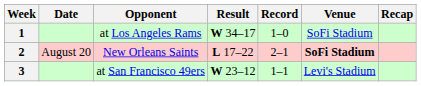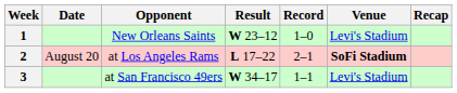 <table class="wikitable" style="text-align:center">
 <tr>
 <th>Week</th>
 <th>Date</th>
 <th>Opponent</th>
 <th>Result</th>
 <th>Record</th>
 <th>Venue</th>
 <th>Recap</th>
 </tr>
 <tr style="background:#cfc">
 <th>1</th>
 <td></td>
-<td>at <a href='#'>Los Angeles Rams</a></td>
-<td><strong>W</strong> 34–17</td>
+<td><a href='#'>New Orleans Saints</a></td>
+<td><strong>W</strong> 23–12</td>
 <td>1–0</td>
-<td><a href='#'>SoFi Stadium</a></td>
+<td><a href='#'>Levi's Stadium</a></td>
 <td></td>
 </tr>
 <tr style="background:#fcc">
 <th>2</th>
 <td>August 20</td>
-<td><a href='#'>New Orleans Saints</a></td>
+<td>at <a href='#'>Los Angeles Rams</a></td>
 <td><strong>L</strong> 17–22</td>
 <td>2–1</td>
 <td><strong>SoFi Stadium</strong></td>
 <td></td>
 </tr>
 <tr style="background:#cfc">
 <th>3</th>
 <td></td>
 <td>at <a href='#'>San Francisco 49ers</a></td>
-<td><strong>W</strong> 23–12</td>
+<td><strong>W</strong> 34–17</td>
 <td>1–1</td>
 <td><a href='#'>Levi's Stadium</a></td>
 <td></td>
 </tr>
 </table>
